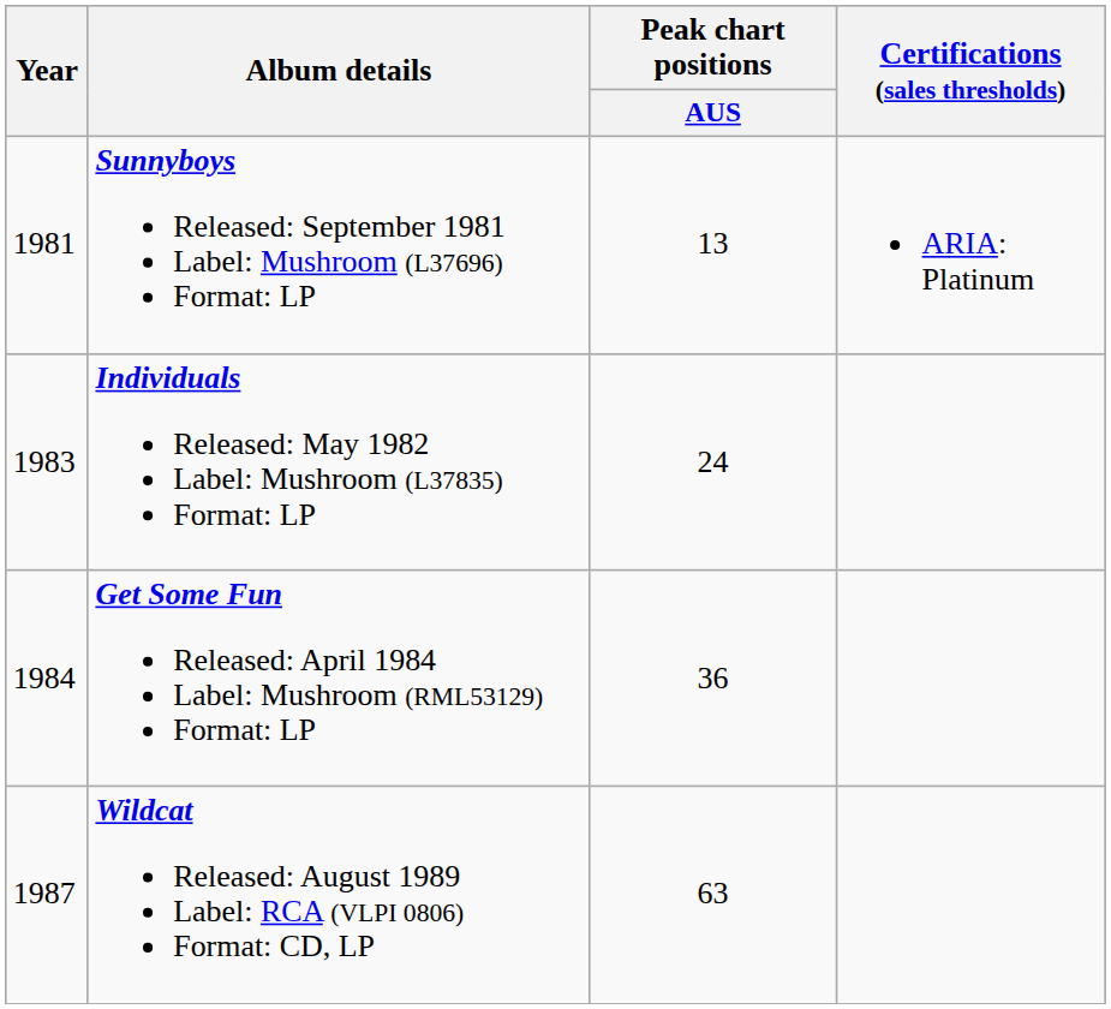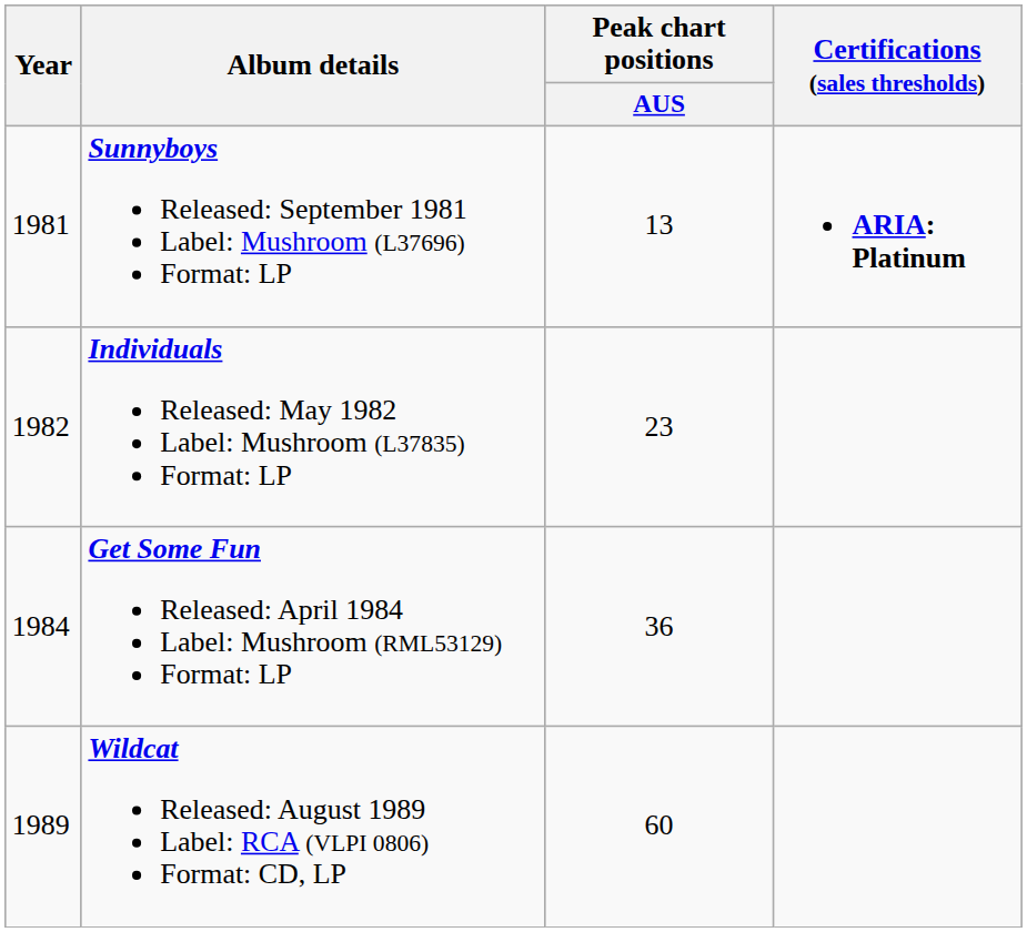 <table class="wikitable" border="1">
 <tr>
 <th rowspan="2" width="35px">Year</th>
 <th rowspan="2" width="250px">Album details</th>
 <th colspan="1" width="120px">Peak chart positions</th>
 <th rowspan="2" width="130"><a href='#'>Certifications</a><br><small>(<a href='#'>sales thresholds</a>)</small></th>
 </tr>
 <tr>
 <th scope="col" style="width:3em; font-size:90%"><a href='#'>AUS</a><br></th>
 </tr>
 <tr>
 <td>1981</td>
 <td><strong><em><a href='#'>Sunnyboys</a></em></strong><br><ul><li>Released: September 1981</li><li>Label: <a href='#'>Mushroom</a> <small>(L37696)</small></li><li>Format: LP</li></ul></td>
 <td style="text-align:center;">13</td>
-<td><br><ul><li><a href='#'>ARIA</a>: Platinum</li></ul></td>
+<td><strong><br><ul><li><a href='#'>ARIA</a>: Platinum</li></ul></strong></td>
 </tr>
 <tr>
-<td>1983</td>
+<td>1982</td>
 <td><strong><em><a href='#'>Individuals</a></em></strong><br><ul><li>Released: May 1982</li><li>Label: Mushroom <small>(L37835)</small></li><li>Format: LP</li></ul></td>
-<td style="text-align:center;">24</td>
+<td style="text-align:center;">23</td>
 <td></td>
 </tr>
 <tr>
 <td>1984</td>
 <td><strong><em><a href='#'>Get Some Fun</a></em></strong><br><ul><li>Released: April 1984</li><li>Label: Mushroom <small>(RML53129)</small></li><li>Format: LP</li></ul></td>
 <td style="text-align:center;">36</td>
 <td></td>
 </tr>
 <tr>
-<td>1987</td>
+<td>1989</td>
 <td><strong><em><a href='#'>Wildcat</a></em></strong><br><ul><li>Released: August 1989</li><li>Label: <a href='#'>RCA</a> <small>(VLPI 0806)</small></li><li>Format: CD, LP</li></ul></td>
-<td style="text-align:center;">63</td>
+<td style="text-align:center;">60</td>
 <td></td>
 </tr>
 </table>
